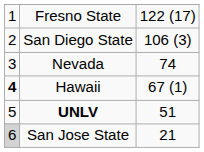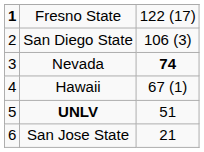 <table class="wikitable" style="display: inline-table;">
 <tr align="center">
 </tr>
 <tr align="center">
-<td>1</td>
+<td><strong>1</strong></td>
 <td>Fresno State</td>
 <td>122 (17)</td>
 </tr>
 <tr align="center">
 <td>2</td>
 <td>San Diego State</td>
 <td>106 (3)</td>
 </tr>
 <tr align="center">
 <td>3</td>
 <td>Nevada</td>
-<td>74</td>
+<td><strong>74</strong></td>
 </tr>
 <tr align="center">
-<td><strong>4</strong></td>
+<td>4</td>
 <td>Hawaii</td>
 <td>67 (1)</td>
 </tr>
 <tr align="center">
 <td>5</td>
 <td><strong>UNLV</strong></td>
 <td>51</td>
 </tr>
 <tr align="center">
-<td style="background: lightgrey;">6</td>
+<td>6</td>
 <td>San Jose State</td>
 <td>21</td>
 </tr>
 </table>
